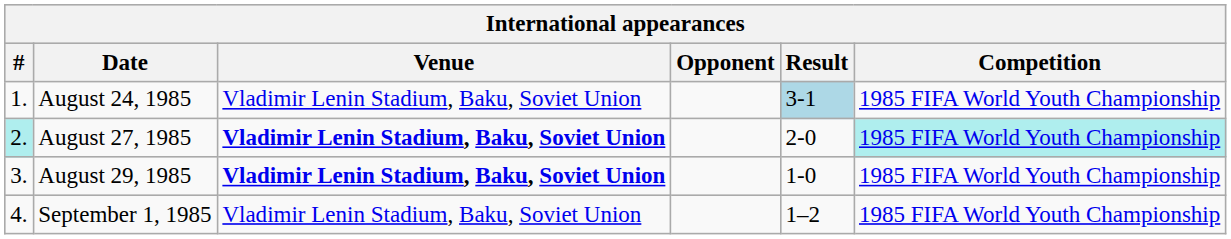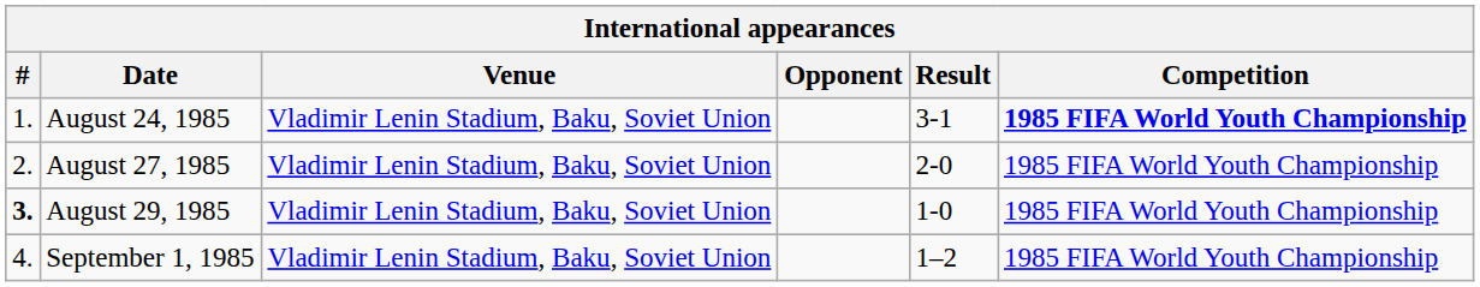 <table class="wikitable collapsible collapsed" style="font-size:90%">
 <tr>
 <th colspan="7"><strong>International appearances</strong></th>
 </tr>
 <tr>
 <th>#</th>
 <th>Date</th>
 <th>Venue</th>
 <th>Opponent</th>
 <th>Result</th>
 <th>Competition</th>
 </tr>
 <tr>
 <td>1.</td>
 <td>August 24, 1985</td>
 <td><a href='#'>Vladimir Lenin Stadium</a>, <a href='#'>Baku</a>, <a href='#'>Soviet Union</a></td>
 <td></td>
-<td style="background: lightblue;">3-1</td>
+<td>3-1</td>
+<td><strong><a href='#'>1985 FIFA World Youth Championship</a></strong></td>
+</tr>
+<tr>
+<td>2.</td>
+<td>August 27, 1985</td>
+<td><a href='#'>Vladimir Lenin Stadium</a>, <a href='#'>Baku</a>, <a href='#'>Soviet Union</a></td>
+<td></td>
+<td>2-0</td>
 <td><a href='#'>1985 FIFA World Youth Championship</a></td>
 </tr>
 <tr>
-<td style="background: paleturquoise;">2.</td>
-<td>August 27, 1985</td>
-<td><strong><a href='#'>Vladimir Lenin Stadium</a>, <a href='#'>Baku</a>, <a href='#'>Soviet Union</a></strong></td>
-<td></td>
-<td>2-0</td>
-<td style="background: paleturquoise;"><a href='#'>1985 FIFA World Youth Championship</a></td>
-</tr>
-<tr>
-<td>3.</td>
+<td><strong>3.</strong></td>
 <td>August 29, 1985</td>
-<td><strong><a href='#'>Vladimir Lenin Stadium</a>, <a href='#'>Baku</a>, <a href='#'>Soviet Union</a></strong></td>
+<td><a href='#'>Vladimir Lenin Stadium</a>, <a href='#'>Baku</a>, <a href='#'>Soviet Union</a></td>
 <td></td>
 <td>1-0</td>
 <td><a href='#'>1985 FIFA World Youth Championship</a></td>
 </tr>
 <tr>
 <td>4.</td>
 <td>September 1, 1985</td>
 <td><a href='#'>Vladimir Lenin Stadium</a>, <a href='#'>Baku</a>, <a href='#'>Soviet Union</a></td>
 <td></td>
 <td>1–2</td>
 <td><a href='#'>1985 FIFA World Youth Championship</a></td>
 </tr>
 </table>
